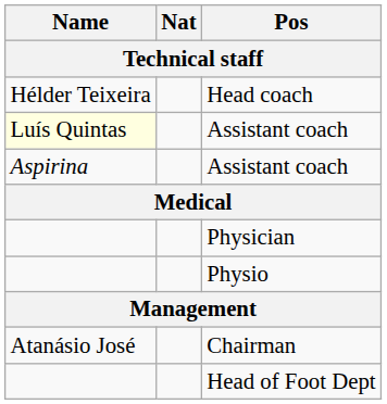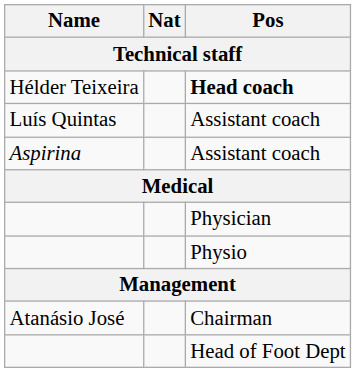 <table class="wikitable ve-ce-branchNode ve-ce-tableNode">
 <tr>
 <th>Name</th>
 <th>Nat</th>
 <th>Pos</th>
 </tr>
 <tr>
 <th colspan="4">Technical staff</th>
 </tr>
 <tr>
 <td>Hélder Teixeira</td>
 <td></td>
-<td>Head coach</td>
+<td><strong>Head coach</strong></td>
 </tr>
 <tr>
-<td style="background: lightyellow;">Luís Quintas</td>
+<td>Luís Quintas</td>
 <td></td>
 <td>Assistant coach</td>
 </tr>
 <tr>
 <td><em>Aspirina</em></td>
 <td></td>
 <td>Assistant coach</td>
 </tr>
 <tr>
 <th colspan="4">Medical</th>
 </tr>
 <tr>
 <td></td>
 <td></td>
 <td>Physician</td>
 </tr>
 <tr>
 <td></td>
 <td></td>
 <td>Physio</td>
 </tr>
 <tr>
 <th colspan="4">Management</th>
 </tr>
 <tr>
 <td>Atanásio José</td>
 <td></td>
 <td>Chairman</td>
 </tr>
 <tr>
 <td></td>
 <td></td>
 <td>Head of Foot Dept</td>
 </tr>
 </table>
